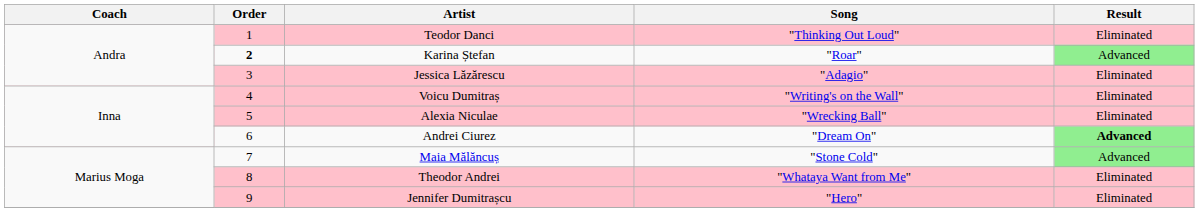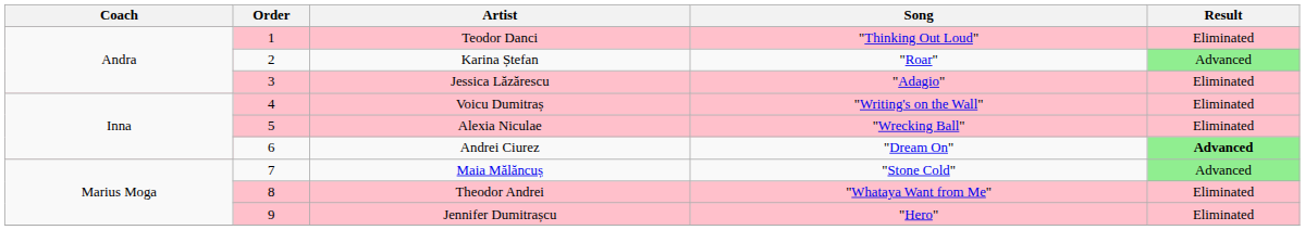 <table class="wikitable" style="text-align:center; width:75%;">
 <tr>
 <th scope="col" style="width:15%;">Coach</th>
 <th scope="col" style="width:05%;">Order</th>
 <th scope="col" style="width:25%;">Artist</th>
 <th scope="col" style="width:30%;">Song</th>
 <th scope="col" style="width:10%;">Result</th>
 </tr>
 <tr bgcolor="pink">
 <td rowspan="3" bgcolor="#f9f9f9">Andra</td>
 <td>1</td>
 <td>Teodor Danci</td>
 <td>"<a href='#'>Thinking Out Loud</a>"</td>
 <td>Eliminated</td>
 </tr>
 <tr>
-<td><strong>2</strong></td>
+<td>2</td>
 <td>Karina Ștefan</td>
 <td>"<a href='#'>Roar</a>"</td>
 <td style="background:lightgreen;text-align:center;">Advanced</td>
 </tr>
 <tr bgcolor="pink">
 <td>3</td>
 <td>Jessica Lăzărescu</td>
 <td>"<a href='#'>Adagio</a>"</td>
 <td>Eliminated</td>
 </tr>
 <tr bgcolor="pink">
 <td rowspan="3" bgcolor="#f9f9f9">Inna</td>
 <td>4</td>
 <td>Voicu Dumitraș</td>
 <td>"<a href='#'>Writing's on the Wall</a>"</td>
 <td>Eliminated</td>
 </tr>
 <tr bgcolor="pink">
 <td>5</td>
 <td>Alexia Niculae</td>
 <td>"<a href='#'>Wrecking Ball</a>"</td>
 <td>Eliminated</td>
 </tr>
 <tr>
 <td>6</td>
 <td>Andrei Ciurez</td>
 <td>"<a href='#'>Dream On</a>"</td>
 <td style="background:lightgreen;text-align:center;"><strong>Advanced</strong></td>
 </tr>
 <tr>
 <td rowspan="3">Marius Moga</td>
 <td>7</td>
 <td><a href='#'>Maia Mălăncuș</a></td>
 <td>"<a href='#'>Stone Cold</a>"</td>
 <td style="background:lightgreen;text-align:center;">Advanced</td>
 </tr>
 <tr bgcolor="pink">
 <td>8</td>
 <td>Theodor Andrei</td>
 <td>"<a href='#'>Whataya Want from Me</a>"</td>
 <td>Eliminated</td>
 </tr>
 <tr bgcolor="pink">
 <td>9</td>
 <td>Jennifer Dumitrașcu</td>
 <td>"<a href='#'>Hero</a>"</td>
 <td>Eliminated</td>
 </tr>
 <tr>
 </tr>
 </table>
